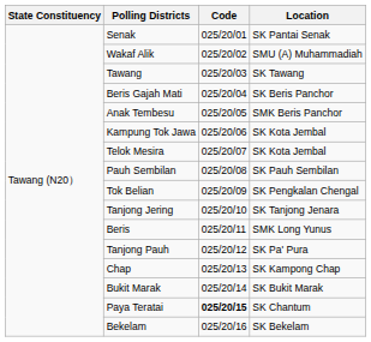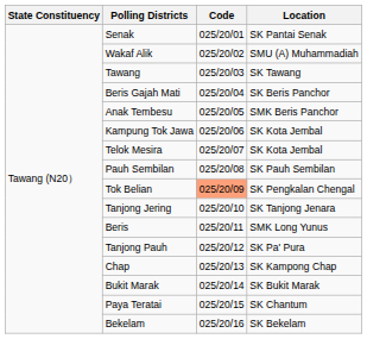 <table class="wikitable sortable mw-collapsible">
 <tr>
 <th><small>State Constituency</small></th>
 <th><small>Polling Districts</small></th>
 <th><small>Code</small></th>
 <th><small>Location</small></th>
 </tr>
 <tr>
 <td rowspan="16"><small>Tawang (N20）</small></td>
 <td><small>Senak</small></td>
 <td><small>025/20/01</small></td>
 <td><small>SK Pantai Senak</small></td>
 </tr>
 <tr>
 <td><small>Wakaf Alik</small></td>
 <td><small>025/20/02</small></td>
 <td><small>SMU (A) Muhammadiah</small></td>
 </tr>
 <tr>
 <td><small>Tawang</small></td>
 <td><small>025/20/03</small></td>
 <td><small>SK Tawang</small></td>
 </tr>
 <tr>
 <td><small>Beris Gajah Mati</small></td>
 <td><small>025/20/04</small></td>
 <td><small>SK Beris Panchor</small></td>
 </tr>
 <tr>
 <td><small>Anak Tembesu</small></td>
 <td><small>025/20/05</small></td>
 <td><small>SMK Beris Panchor</small></td>
 </tr>
 <tr>
 <td><small>Kampung Tok Jawa</small></td>
 <td><small>025/20/06</small></td>
 <td><small>SK Kota Jembal</small></td>
 </tr>
 <tr>
 <td><small>Telok Mesira</small></td>
 <td><small>025/20/07</small></td>
 <td><small>SK Kota Jembal</small></td>
 </tr>
 <tr>
 <td><small>Pauh Sembilan</small></td>
 <td><small>025/20/08</small></td>
 <td><small>SK Pauh Sembilan</small></td>
 </tr>
 <tr>
 <td><small>Tok Belian</small></td>
-<td><small>025/20/09</small></td>
+<td style="background: lightsalmon;"><small>025/20/09</small></td>
 <td><small>SK Pengkalan Chengal</small></td>
 </tr>
 <tr>
 <td><small>Tanjong Jering</small></td>
 <td><small>025/20/10</small></td>
 <td><small>SK Tanjong Jenara</small></td>
 </tr>
 <tr>
 <td><small>Beris</small></td>
 <td><small>025/20/11</small></td>
 <td><small>SMK Long Yunus</small></td>
 </tr>
 <tr>
 <td><small>Tanjong Pauh</small></td>
 <td><small>025/20/12</small></td>
 <td><small>SK Pa' Pura</small></td>
 </tr>
 <tr>
 <td><small>Chap</small></td>
 <td><small>025/20/13</small></td>
 <td><small>SK Kampong Chap</small></td>
 </tr>
 <tr>
 <td><small>Bukit Marak</small></td>
 <td><small>025/20/14</small></td>
 <td><small>SK Bukit Marak</small></td>
 </tr>
 <tr>
 <td><small>Paya Teratai</small></td>
-<td><strong><small>025/20/15</small></strong></td>
+<td><small>025/20/15</small></td>
 <td><small>SK Chantum</small></td>
 </tr>
 <tr>
 <td><small>Bekelam</small></td>
 <td><small>025/20/16</small></td>
 <td><small>SK Bekelam</small></td>
 </tr>
 </table>
